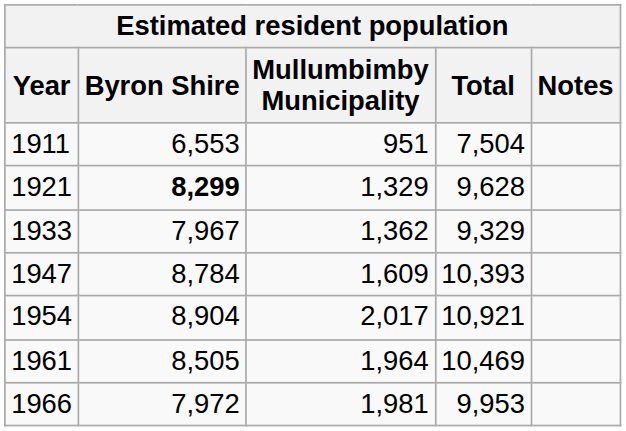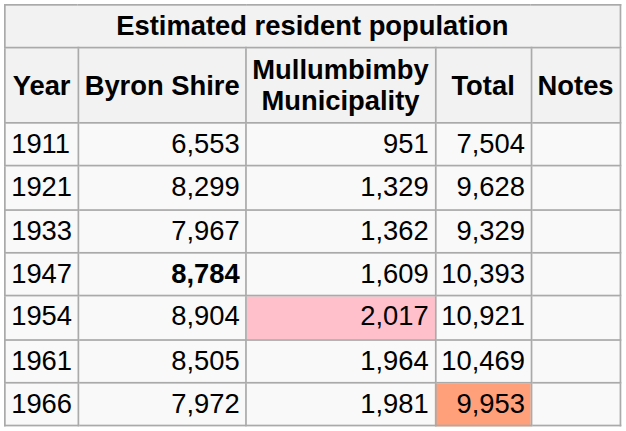 <table class="wikitable">
 <tr>
 <th colspan=7>Estimated resident population</th>
 </tr>
 <tr>
 <th>Year</th>
 <th>Byron Shire</th>
 <th>Mullumbimby<br>Municipality</th>
 <th>Total</th>
 <th>Notes</th>
 </tr>
 <tr>
 <td>1911</td>
 <td align=right>6,553</td>
 <td align=right>951</td>
 <td align=right>7,504</td>
 <td></td>
 </tr>
 <tr>
 <td>1921</td>
-<td align=right><strong>8,299</strong></td>
+<td align=right>8,299</td>
 <td align=right>1,329</td>
 <td align=right>9,628</td>
 <td></td>
 </tr>
 <tr>
 <td>1933</td>
 <td align=right>7,967</td>
 <td align=right>1,362</td>
 <td align=right>9,329</td>
 <td></td>
 </tr>
 <tr>
 <td>1947</td>
-<td align=right>8,784</td>
+<td align=right><strong>8,784</strong></td>
 <td align=right>1,609</td>
 <td align=right>10,393</td>
 <td></td>
 </tr>
 <tr>
 <td>1954</td>
 <td align=right>8,904</td>
-<td align=right>2,017</td>
+<td align=right style="background: pink;">2,017</td>
 <td align=right>10,921</td>
 <td></td>
 </tr>
 <tr>
 <td>1961</td>
 <td align=right>8,505</td>
 <td align=right>1,964</td>
 <td align=right>10,469</td>
 <td></td>
 </tr>
 <tr>
 <td>1966</td>
 <td align=right>7,972</td>
 <td align=right>1,981</td>
-<td align=right>9,953</td>
+<td align=right style="background: lightsalmon;">9,953</td>
 <td></td>
 </tr>
 </table>
